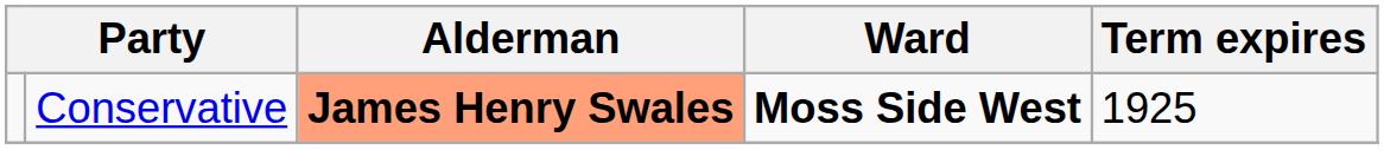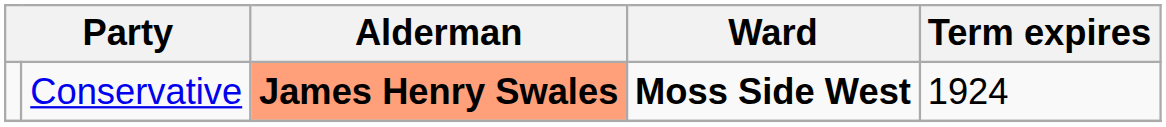 <table class="wikitable">
 <tr>
 <th colspan="2">Party</th>
 <th>Alderman</th>
 <th>Ward</th>
 <th>Term expires</th>
 </tr>
 <tr>
 <td style="background-color:"></td>
 <td><a href='#'>Conservative</a></td>
 <td style="background: lightsalmon;"><strong>James Henry Swales</strong></td>
 <td><strong>Moss Side West</strong></td>
-<td>1925</td>
+<td>1924</td>
 </tr>
 <tr>
 </tr>
 </table>
